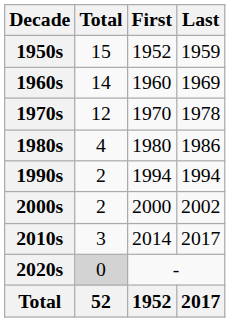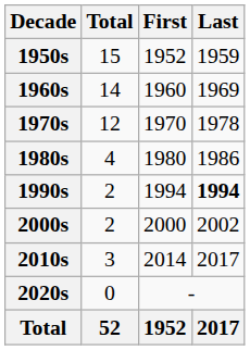 <table class="wikitable sortable" style="text-align: center;">
 <tr>
 <th>Decade</th>
 <th>Total</th>
 <th scope=col class="unsortable">First</th>
 <th scope=col class="unsortable">Last</th>
 </tr>
 <tr>
 <th scope=row>1950s</th>
 <td>15</td>
 <td>1952</td>
 <td>1959</td>
 </tr>
 <tr>
 <th scope=row>1960s</th>
 <td>14</td>
 <td>1960</td>
 <td>1969</td>
 </tr>
 <tr>
 <th scope=row>1970s</th>
 <td>12</td>
 <td>1970</td>
 <td>1978</td>
 </tr>
 <tr>
 <th scope=row>1980s</th>
 <td>4</td>
 <td>1980</td>
 <td>1986</td>
 </tr>
 <tr>
 <th scope=row>1990s</th>
 <td>2</td>
 <td>1994</td>
-<td>1994</td>
+<td><strong>1994</strong></td>
 </tr>
 <tr>
 <th scope=row>2000s</th>
 <td>2</td>
 <td>2000</td>
 <td>2002</td>
 </tr>
 <tr>
 <th scope=row>2010s</th>
 <td>3</td>
 <td>2014</td>
 <td>2017</td>
 </tr>
 <tr>
 <th>2020s</th>
-<td style="background: lightgrey;">0</td>
+<td>0</td>
 <td colspan="2"><em>-</em></td>
 </tr>
 <tr>
 <th>Total</th>
 <th>52</th>
 <th>1952</th>
 <th>2017</th>
 </tr>
 </table>
